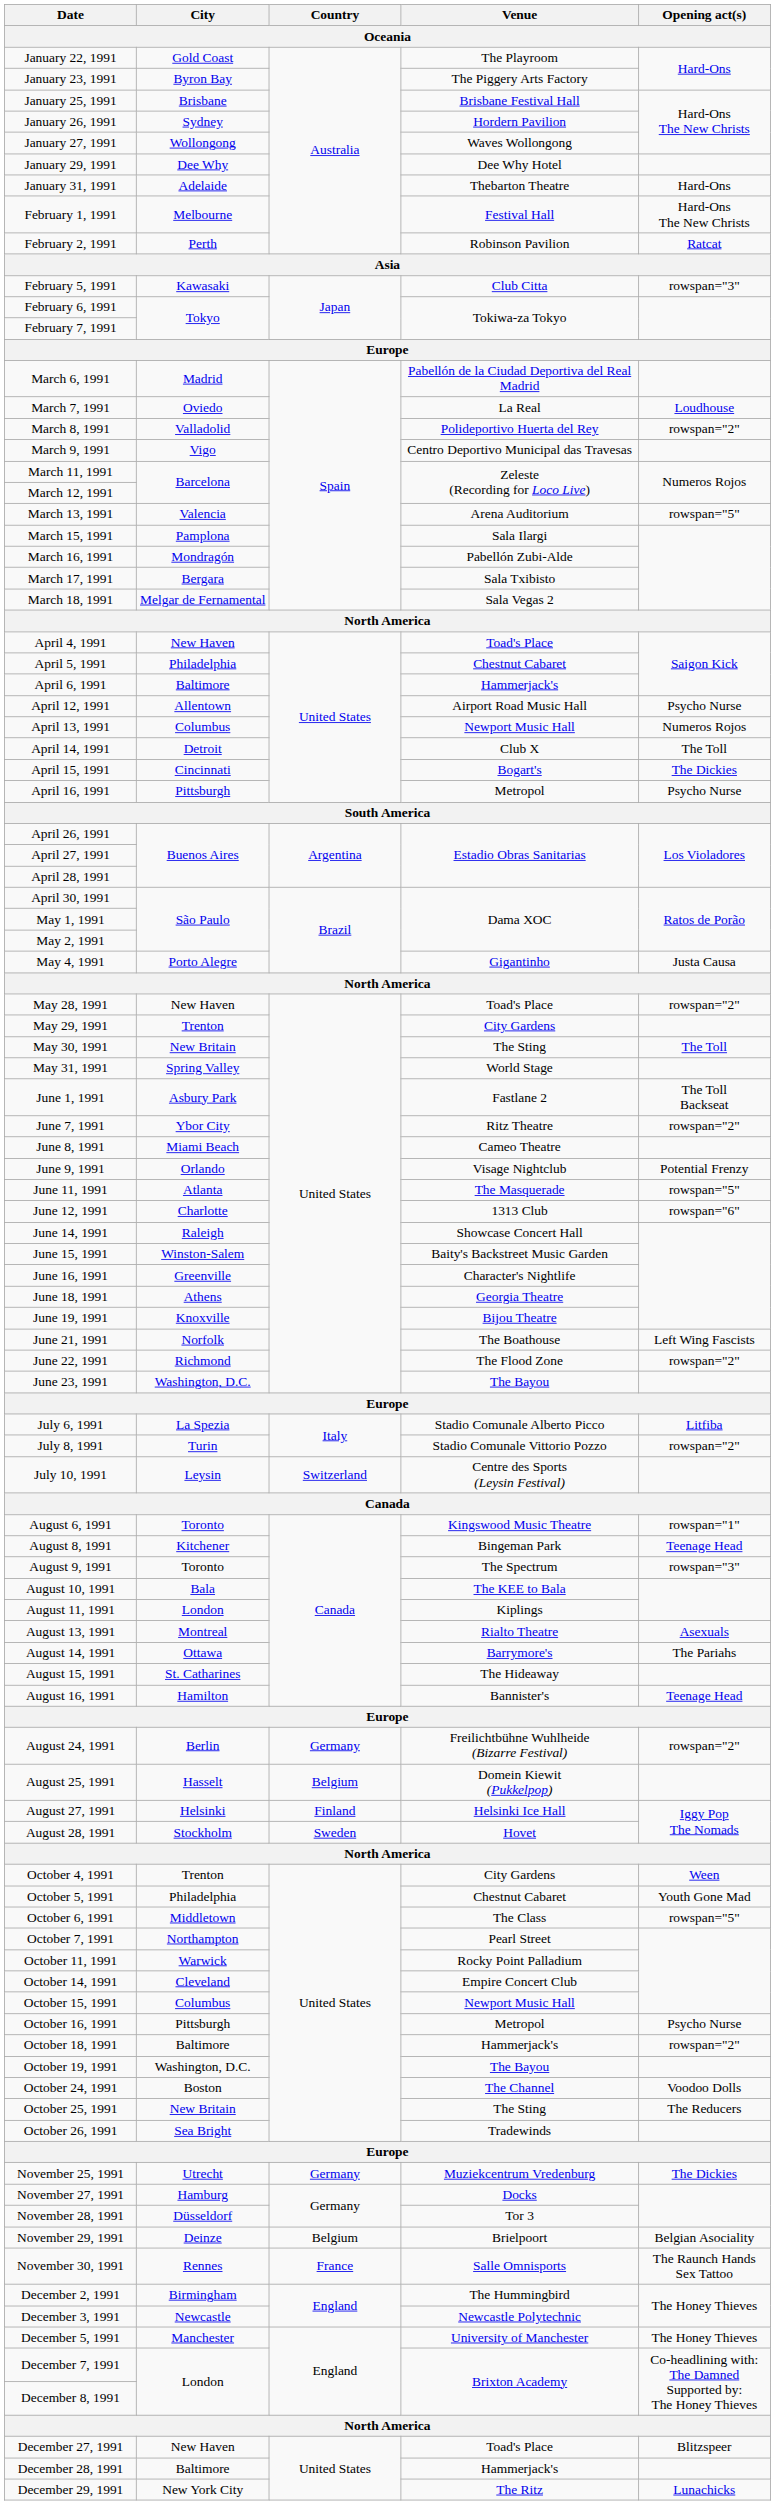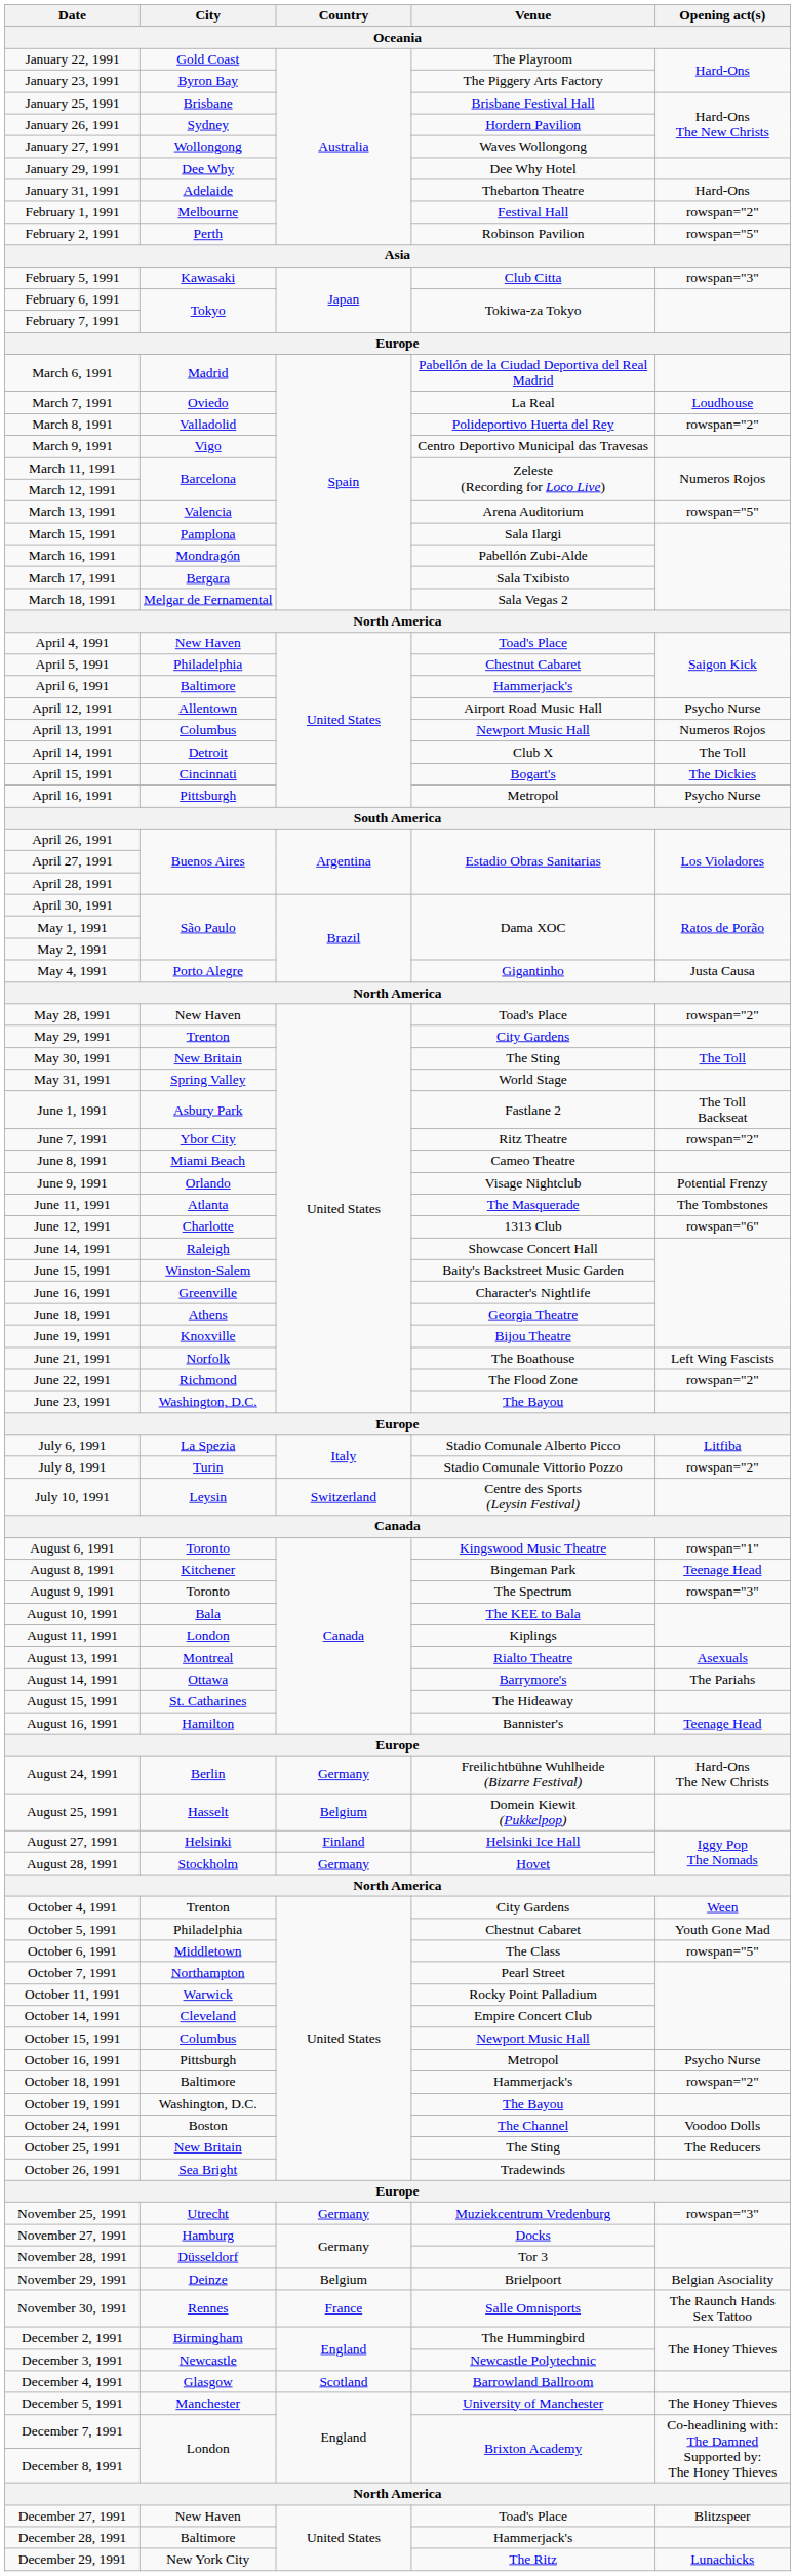 <table class="wikitable" style="text-align:center;">
 <tr>
 <th width="150">Date</th>
 <th width="150">City</th>
 <th width="150">Country</th>
 <th width="275">Venue</th>
 <th width="150">Opening act(s)</th>
 </tr>
 <tr>
 <th colspan="5">Oceania</th>
 </tr>
 <tr>
 <td>January 22, 1991</td>
 <td><a href='#'>Gold Coast</a></td>
 <td rowspan="9"><a href='#'>Australia</a></td>
 <td>The Playroom</td>
 <td rowspan="2"><a href='#'>Hard-Ons</a></td>
 </tr>
 <tr>
 <td>January 23, 1991</td>
 <td><a href='#'>Byron Bay</a></td>
 <td>The Piggery Arts Factory</td>
 </tr>
 <tr>
 <td>January 25, 1991</td>
 <td><a href='#'>Brisbane</a></td>
 <td><a href='#'>Brisbane Festival Hall</a></td>
 <td rowspan="3">Hard-Ons<br><a href='#'>The New Christs</a></td>
 </tr>
 <tr>
 <td>January 26, 1991</td>
 <td><a href='#'>Sydney</a></td>
 <td><a href='#'>Hordern Pavilion</a></td>
 </tr>
 <tr>
 <td>January 27, 1991</td>
 <td><a href='#'>Wollongong</a></td>
 <td>Waves Wollongong</td>
 </tr>
 <tr>
 <td>January 29, 1991</td>
 <td><a href='#'>Dee Why</a></td>
 <td>Dee Why Hotel</td>
 <td></td>
 </tr>
 <tr>
 <td>January 31, 1991</td>
 <td><a href='#'>Adelaide</a></td>
 <td>Thebarton Theatre</td>
 <td>Hard-Ons</td>
 </tr>
 <tr>
 <td>February 1, 1991</td>
 <td><a href='#'>Melbourne</a></td>
 <td><a href='#'>Festival Hall</a></td>
-<td>Hard-Ons<br>The New Christs</td>
+<td>rowspan="2" </td>
 </tr>
 <tr>
 <td>February 2, 1991</td>
 <td><a href='#'>Perth</a></td>
 <td>Robinson Pavilion</td>
-<td><a href='#'>Ratcat</a></td>
+<td>rowspan="5" </td>
 </tr>
 <tr>
 <th colspan="5">Asia</th>
 </tr>
 <tr>
 <td>February 5, 1991</td>
 <td><a href='#'>Kawasaki</a></td>
 <td rowspan="3"><a href='#'>Japan</a></td>
 <td><a href='#'>Club Citta</a></td>
 <td>rowspan="3" </td>
 </tr>
 <tr>
 <td>February 6, 1991</td>
 <td rowspan="2"><a href='#'>Tokyo</a></td>
 <td rowspan="2">Tokiwa-za Tokyo</td>
 </tr>
 <tr>
 <td>February 7, 1991</td>
 </tr>
 <tr>
 <th colspan="5">Europe</th>
 </tr>
 <tr>
 <td>March 6, 1991</td>
 <td><a href='#'>Madrid</a></td>
 <td rowspan="11"><a href='#'>Spain</a></td>
 <td><a href='#'>Pabellón de la Ciudad Deportiva del Real Madrid</a></td>
 <td></td>
 </tr>
 <tr>
 <td>March 7, 1991</td>
 <td><a href='#'>Oviedo</a></td>
 <td>La Real</td>
 <td><a href='#'>Loudhouse</a></td>
 </tr>
 <tr>
 <td>March 8, 1991</td>
 <td><a href='#'>Valladolid</a></td>
 <td><a href='#'>Polideportivo Huerta del Rey</a></td>
 <td>rowspan="2" </td>
 </tr>
 <tr>
 <td>March 9, 1991</td>
 <td><a href='#'>Vigo</a></td>
 <td>Centro Deportivo Municipal das Travesas</td>
 </tr>
 <tr>
 <td>March 11, 1991</td>
 <td rowspan="2"><a href='#'>Barcelona</a></td>
 <td rowspan="2">Zeleste<br>(Recording for <em><a href='#'>Loco Live</a></em>)</td>
 <td rowspan="2">Numeros Rojos</td>
 </tr>
 <tr>
 <td>March 12, 1991</td>
 </tr>
 <tr>
 <td>March 13, 1991</td>
 <td><a href='#'>Valencia</a></td>
 <td>Arena Auditorium</td>
 <td>rowspan="5" </td>
 </tr>
 <tr>
 <td>March 15, 1991</td>
 <td><a href='#'>Pamplona</a></td>
 <td>Sala Ilargi</td>
 </tr>
 <tr>
 <td>March 16, 1991</td>
 <td><a href='#'>Mondragón</a></td>
 <td>Pabellón Zubi-Alde</td>
 </tr>
 <tr>
 <td>March 17, 1991</td>
 <td><a href='#'>Bergara</a></td>
 <td>Sala Txibisto</td>
 </tr>
 <tr>
 <td>March 18, 1991</td>
 <td><a href='#'>Melgar de Fernamental</a></td>
 <td>Sala Vegas 2</td>
 </tr>
 <tr>
 <th colspan="5">North America</th>
 </tr>
 <tr>
 <td>April 4, 1991</td>
 <td><a href='#'>New Haven</a></td>
 <td rowspan="8"><a href='#'>United States</a></td>
 <td><a href='#'>Toad's Place</a></td>
 <td rowspan="3"><a href='#'>Saigon Kick</a></td>
 </tr>
 <tr>
 <td>April 5, 1991</td>
 <td><a href='#'>Philadelphia</a></td>
 <td><a href='#'>Chestnut Cabaret</a></td>
 </tr>
 <tr>
 <td>April 6, 1991</td>
 <td><a href='#'>Baltimore</a></td>
 <td><a href='#'>Hammerjack's</a></td>
 </tr>
 <tr>
 <td>April 12, 1991</td>
 <td><a href='#'>Allentown</a></td>
 <td>Airport Road Music Hall</td>
 <td>Psycho Nurse</td>
 </tr>
 <tr>
 <td>April 13, 1991</td>
 <td><a href='#'>Columbus</a></td>
 <td><a href='#'>Newport Music Hall</a></td>
 <td>Numeros Rojos</td>
 </tr>
 <tr>
 <td>April 14, 1991</td>
 <td><a href='#'>Detroit</a></td>
 <td>Club X</td>
 <td>The Toll</td>
 </tr>
 <tr>
 <td>April 15, 1991</td>
 <td><a href='#'>Cincinnati</a></td>
 <td><a href='#'>Bogart's</a></td>
 <td><a href='#'>The Dickies</a></td>
 </tr>
 <tr>
 <td>April 16, 1991</td>
 <td><a href='#'>Pittsburgh</a></td>
 <td>Metropol</td>
 <td>Psycho Nurse</td>
 </tr>
 <tr>
 <th colspan="5">South America</th>
 </tr>
 <tr>
 <td>April 26, 1991</td>
 <td rowspan="3"><a href='#'>Buenos Aires</a></td>
 <td rowspan="3"><a href='#'>Argentina</a></td>
 <td rowspan="3"><a href='#'>Estadio Obras Sanitarias</a></td>
 <td rowspan="3"><a href='#'>Los Violadores</a></td>
 </tr>
 <tr>
 <td>April 27, 1991</td>
 </tr>
 <tr>
 <td>April 28, 1991</td>
 </tr>
 <tr>
 <td>April 30, 1991</td>
 <td rowspan="3"><a href='#'>São Paulo</a></td>
 <td rowspan="4"><a href='#'>Brazil</a></td>
 <td rowspan="3">Dama XOC</td>
 <td rowspan="3"><a href='#'>Ratos de Porão</a></td>
 </tr>
 <tr>
 <td>May 1, 1991</td>
 </tr>
 <tr>
 <td>May 2, 1991</td>
 </tr>
 <tr>
 <td>May 4, 1991</td>
 <td><a href='#'>Porto Alegre</a></td>
 <td><a href='#'>Gigantinho</a></td>
 <td>Justa Causa</td>
 </tr>
 <tr>
 <th colspan="5">North America</th>
 </tr>
 <tr>
 <td>May 28, 1991</td>
 <td>New Haven</td>
 <td rowspan="18">United States</td>
 <td>Toad's Place</td>
 <td>rowspan="2" </td>
 </tr>
 <tr>
 <td>May 29, 1991</td>
 <td><a href='#'>Trenton</a></td>
 <td><a href='#'>City Gardens</a></td>
 </tr>
 <tr>
 <td>May 30, 1991</td>
 <td><a href='#'>New Britain</a></td>
 <td>The Sting</td>
 <td><a href='#'>The Toll</a></td>
 </tr>
 <tr>
 <td>May 31, 1991</td>
 <td><a href='#'>Spring Valley</a></td>
 <td>World Stage</td>
 <td></td>
 </tr>
 <tr>
 <td>June 1, 1991</td>
 <td><a href='#'>Asbury Park</a></td>
 <td>Fastlane 2</td>
 <td>The Toll<br>Backseat</td>
 </tr>
 <tr>
 <td>June 7, 1991</td>
 <td><a href='#'>Ybor City</a></td>
 <td>Ritz Theatre</td>
 <td>rowspan="2" </td>
 </tr>
 <tr>
 <td>June 8, 1991</td>
 <td><a href='#'>Miami Beach</a></td>
 <td>Cameo Theatre</td>
 </tr>
 <tr>
 <td>June 9, 1991</td>
 <td><a href='#'>Orlando</a></td>
 <td>Visage Nightclub</td>
 <td>Potential Frenzy</td>
 </tr>
 <tr>
 <td>June 11, 1991</td>
 <td><a href='#'>Atlanta</a></td>
 <td><a href='#'>The Masquerade</a></td>
-<td>rowspan="5" </td>
+<td>The Tombstones</td>
 </tr>
 <tr>
 <td>June 12, 1991</td>
 <td><a href='#'>Charlotte</a></td>
 <td>1313 Club</td>
 <td>rowspan="6" </td>
 </tr>
 <tr>
 <td>June 14, 1991</td>
 <td><a href='#'>Raleigh</a></td>
 <td>Showcase Concert Hall</td>
 </tr>
 <tr>
 <td>June 15, 1991</td>
 <td><a href='#'>Winston-Salem</a></td>
 <td>Baity's Backstreet Music Garden</td>
 </tr>
 <tr>
 <td>June 16, 1991</td>
 <td><a href='#'>Greenville</a></td>
 <td>Character's Nightlife</td>
 </tr>
 <tr>
 <td>June 18, 1991</td>
 <td><a href='#'>Athens</a></td>
 <td><a href='#'>Georgia Theatre</a></td>
 </tr>
 <tr>
 <td>June 19, 1991</td>
 <td><a href='#'>Knoxville</a></td>
 <td><a href='#'>Bijou Theatre</a></td>
 </tr>
 <tr>
 <td>June 21, 1991</td>
 <td><a href='#'>Norfolk</a></td>
 <td>The Boathouse</td>
 <td>Left Wing Fascists</td>
 </tr>
 <tr>
 <td>June 22, 1991</td>
 <td><a href='#'>Richmond</a></td>
 <td>The Flood Zone</td>
 <td>rowspan="2" </td>
 </tr>
 <tr>
 <td>June 23, 1991</td>
 <td><a href='#'>Washington, D.C.</a></td>
 <td><a href='#'>The Bayou</a></td>
 </tr>
 <tr>
 <th colspan="5">Europe</th>
 </tr>
 <tr>
 <td>July 6, 1991</td>
 <td><a href='#'>La Spezia</a></td>
 <td rowspan="2"><a href='#'>Italy</a></td>
 <td>Stadio Comunale Alberto Picco</td>
 <td><a href='#'>Litfiba</a></td>
 </tr>
 <tr>
 <td>July 8, 1991</td>
 <td><a href='#'>Turin</a></td>
 <td>Stadio Comunale Vittorio Pozzo</td>
 <td>rowspan="2" </td>
 </tr>
 <tr>
 <td>July 10, 1991</td>
 <td><a href='#'>Leysin</a></td>
 <td><a href='#'>Switzerland</a></td>
 <td>Centre des Sports<br><em>(Leysin Festival)</em></td>
 </tr>
 <tr>
 <th colspan="5">Canada</th>
 </tr>
 <tr>
 <td>August 6, 1991</td>
 <td><a href='#'>Toronto</a></td>
 <td rowspan="9"><a href='#'>Canada</a></td>
 <td><a href='#'>Kingswood Music Theatre</a></td>
 <td>rowspan="1" </td>
 </tr>
 <tr>
 <td>August 8, 1991</td>
 <td><a href='#'>Kitchener</a></td>
 <td>Bingeman Park</td>
 <td><a href='#'>Teenage Head</a></td>
 </tr>
 <tr>
 <td>August 9, 1991</td>
 <td>Toronto</td>
 <td>The Spectrum</td>
 <td>rowspan="3" </td>
 </tr>
 <tr>
 <td>August 10, 1991</td>
 <td><a href='#'>Bala</a></td>
 <td><a href='#'>The KEE to Bala</a></td>
 </tr>
 <tr>
 <td>August 11, 1991</td>
 <td><a href='#'>London</a></td>
 <td>Kiplings</td>
 </tr>
 <tr>
 <td>August 13, 1991</td>
 <td><a href='#'>Montreal</a></td>
 <td><a href='#'>Rialto Theatre</a></td>
 <td><a href='#'>Asexuals</a></td>
 </tr>
 <tr>
 <td>August 14, 1991</td>
 <td><a href='#'>Ottawa</a></td>
 <td><a href='#'>Barrymore's</a></td>
 <td>The Pariahs</td>
 </tr>
 <tr>
 <td>August 15, 1991</td>
 <td><a href='#'>St. Catharines</a></td>
 <td>The Hideaway</td>
 <td></td>
 </tr>
 <tr>
 <td>August 16, 1991</td>
 <td><a href='#'>Hamilton</a></td>
 <td>Bannister's</td>
 <td><a href='#'>Teenage Head</a></td>
 </tr>
 <tr>
 <th colspan="5">Europe</th>
 </tr>
 <tr>
 <td>August 24, 1991</td>
 <td><a href='#'>Berlin</a></td>
 <td><a href='#'>Germany</a></td>
 <td>Freilichtbühne Wuhlheide<br><em>(Bizarre Festival)</em></td>
-<td>rowspan="2" </td>
+<td>Hard-Ons<br>The New Christs</td>
 </tr>
 <tr>
 <td>August 25, 1991</td>
 <td><a href='#'>Hasselt</a></td>
 <td><a href='#'>Belgium</a></td>
 <td>Domein Kiewit<br><em>(<a href='#'>Pukkelpop</a>)</em></td>
 </tr>
 <tr>
 <td>August 27, 1991</td>
 <td><a href='#'>Helsinki</a></td>
 <td><a href='#'>Finland</a></td>
 <td><a href='#'>Helsinki Ice Hall</a></td>
 <td rowspan="2"><a href='#'>Iggy Pop</a><br><a href='#'>The Nomads</a></td>
 </tr>
 <tr>
 <td>August 28, 1991</td>
 <td><a href='#'>Stockholm</a></td>
-<td><a href='#'>Sweden</a></td>
+<td><a href='#'>Germany</a></td>
 <td><a href='#'>Hovet</a></td>
 </tr>
 <tr>
 <th colspan="5">North America</th>
 </tr>
 <tr>
 <td>October 4, 1991</td>
 <td>Trenton</td>
 <td rowspan="13">United States</td>
 <td>City Gardens</td>
 <td><a href='#'>Ween</a></td>
 </tr>
 <tr>
 <td>October 5, 1991</td>
 <td>Philadelphia</td>
 <td>Chestnut Cabaret</td>
 <td>Youth Gone Mad</td>
 </tr>
 <tr>
 <td>October 6, 1991</td>
 <td><a href='#'>Middletown</a></td>
 <td>The Class</td>
 <td>rowspan="5" </td>
 </tr>
 <tr>
 <td>October 7, 1991</td>
 <td><a href='#'>Northampton</a></td>
 <td>Pearl Street</td>
 </tr>
 <tr>
 <td>October 11, 1991</td>
 <td><a href='#'>Warwick</a></td>
 <td>Rocky Point Palladium</td>
 </tr>
 <tr>
 <td>October 14, 1991</td>
 <td><a href='#'>Cleveland</a></td>
 <td>Empire Concert Club</td>
 </tr>
 <tr>
 <td>October 15, 1991</td>
 <td><a href='#'>Columbus</a></td>
 <td><a href='#'>Newport Music Hall</a></td>
 </tr>
 <tr>
 <td>October 16, 1991</td>
 <td>Pittsburgh</td>
 <td>Metropol</td>
 <td>Psycho Nurse</td>
 </tr>
 <tr>
 <td>October 18, 1991</td>
 <td>Baltimore</td>
 <td>Hammerjack's</td>
 <td>rowspan="2" </td>
 </tr>
 <tr>
 <td>October 19, 1991</td>
 <td>Washington, D.C.</td>
 <td><a href='#'>The Bayou</a></td>
 </tr>
 <tr>
 <td>October 24, 1991</td>
 <td>Boston</td>
 <td><a href='#'>The Channel</a></td>
 <td>Voodoo Dolls</td>
 </tr>
 <tr>
 <td>October 25, 1991</td>
 <td><a href='#'>New Britain</a></td>
 <td>The Sting</td>
 <td>The Reducers</td>
 </tr>
 <tr>
 <td>October 26, 1991</td>
 <td><a href='#'>Sea Bright</a></td>
 <td>Tradewinds</td>
 <td></td>
 </tr>
 <tr>
 <th colspan="5">Europe</th>
 </tr>
 <tr>
 <td>November 25, 1991</td>
 <td><a href='#'>Utrecht</a></td>
 <td><a href='#'>Germany</a></td>
 <td><a href='#'>Muziekcentrum Vredenburg</a></td>
-<td><a href='#'>The Dickies</a></td>
+<td>rowspan="3" </td>
 </tr>
 <tr>
 <td>November 27, 1991</td>
 <td><a href='#'>Hamburg</a></td>
 <td rowspan="2">Germany</td>
 <td><a href='#'>Docks</a></td>
 </tr>
 <tr>
 <td>November 28, 1991</td>
 <td><a href='#'>Düsseldorf</a></td>
 <td>Tor 3</td>
 </tr>
 <tr>
 <td>November 29, 1991</td>
 <td><a href='#'>Deinze</a></td>
 <td>Belgium</td>
 <td>Brielpoort</td>
 <td>Belgian Asociality</td>
 </tr>
 <tr>
 <td>November 30, 1991</td>
 <td><a href='#'>Rennes</a></td>
 <td><a href='#'>France</a></td>
 <td><a href='#'>Salle Omnisports</a></td>
 <td>The Raunch Hands<br>Sex Tattoo</td>
 </tr>
 <tr>
 <td>December 2, 1991</td>
 <td><a href='#'>Birmingham</a></td>
 <td rowspan="2"><a href='#'>England</a></td>
 <td>The Hummingbird</td>
 <td rowspan="2">The Honey Thieves</td>
 </tr>
 <tr>
 <td>December 3, 1991</td>
 <td><a href='#'>Newcastle</a></td>
 <td><a href='#'>Newcastle Polytechnic</a></td>
+</tr>
+<tr>
+<td>December 4, 1991</td>
+<td><a href='#'>Glasgow</a></td>
+<td><a href='#'>Scotland</a></td>
+<td><a href='#'>Barrowland Ballroom</a></td>
+<td></td>
 </tr>
 <tr>
 <td>December 5, 1991</td>
 <td><a href='#'>Manchester</a></td>
 <td rowspan="3">England</td>
 <td><a href='#'>University of Manchester</a></td>
 <td>The Honey Thieves</td>
 </tr>
 <tr>
 <td>December 7, 1991</td>
 <td rowspan="2">London</td>
 <td rowspan="2"><a href='#'>Brixton Academy</a></td>
 <td rowspan="2">Co-headlining with:<br><a href='#'>The Damned</a><br>Supported by:<br>The Honey Thieves</td>
 </tr>
 <tr>
 <td>December 8, 1991</td>
 </tr>
 <tr>
 <th colspan="5">North America</th>
 </tr>
 <tr>
 <td>December 27, 1991</td>
 <td>New Haven</td>
 <td rowspan="3">United States</td>
 <td>Toad's Place</td>
 <td>Blitzspeer</td>
 </tr>
 <tr>
 <td>December 28, 1991</td>
 <td>Baltimore</td>
 <td>Hammerjack's</td>
 <td></td>
 </tr>
 <tr>
 <td>December 29, 1991</td>
 <td>New York City</td>
 <td><a href='#'>The Ritz</a></td>
 <td><a href='#'>Lunachicks</a></td>
 </tr>
 </table>
